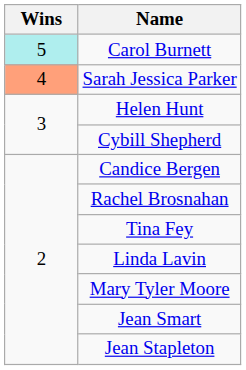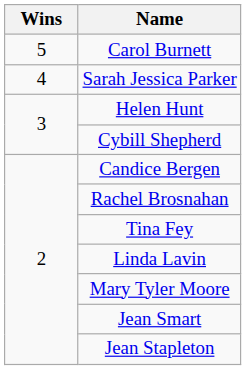 <table class="wikitable sortable" style="text-align: center;">
 <tr>
 <th scope="col" width="55">Wins</th>
 <th scope="col" align="center">Name</th>
 </tr>
 <tr>
-<td rowspan=1 style="background: paleturquoise; text-align:center">5</td>
+<td rowspan=1 style="text-align:center">5</td>
 <td><a href='#'>Carol Burnett</a></td>
 </tr>
 <tr>
-<td rowspan=1 style="background: lightsalmon; text-align:center">4</td>
+<td rowspan=1 style="text-align:center">4</td>
 <td><a href='#'>Sarah Jessica Parker</a></td>
 </tr>
 <tr>
 <td rowspan=2 style="text-align:center">3</td>
 <td><a href='#'>Helen Hunt</a></td>
 </tr>
 <tr>
 <td><a href='#'>Cybill Shepherd</a></td>
 </tr>
 <tr>
 <td rowspan=7 style="text-align:center">2</td>
 <td><a href='#'>Candice Bergen</a></td>
 </tr>
 <tr>
 <td><a href='#'>Rachel Brosnahan</a></td>
 </tr>
 <tr>
 <td><a href='#'>Tina Fey</a></td>
 </tr>
 <tr>
 <td><a href='#'>Linda Lavin</a></td>
 </tr>
 <tr>
 <td><a href='#'>Mary Tyler Moore</a></td>
 </tr>
 <tr>
 <td><a href='#'>Jean Smart</a></td>
 </tr>
 <tr>
 <td><a href='#'>Jean Stapleton</a></td>
 </tr>
 </table>
